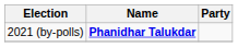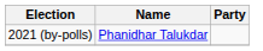 <table class="wikitable sortable">
 <tr>
 <th>Election</th>
 <th>Name</th>
 <th colspan=2>Party</th>
 </tr>
 <tr>
 <td>2021 (by-polls)</td>
-<td><strong><a href='#'>Phanidhar Talukdar</a></strong></td>
+<td><a href='#'>Phanidhar Talukdar</a></td>
 <td></td>
 </tr>
 <tr>
 </tr>
 </table>
